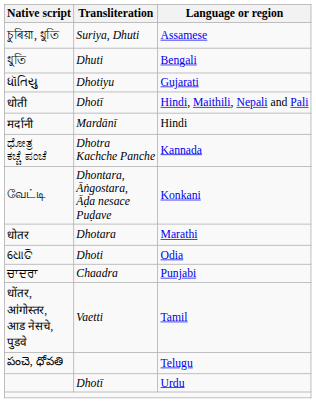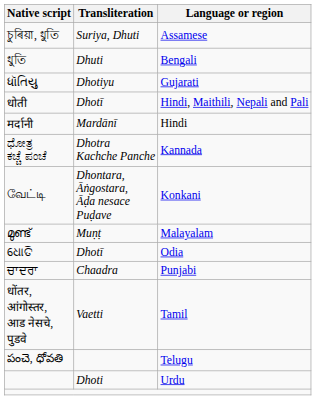 <table class="wikitable">
 <tr>
 <th>Native script</th>
 <th>Transliteration</th>
 <th>Language or region</th>
 </tr>
 <tr>
 <td>চুৰিয়া, ধুতি</td>
 <td><em>Suriya,</em> <em>Dhuti</em></td>
 <td><a href='#'>Assamese</a></td>
 </tr>
 <tr>
 <td>ধুতি</td>
 <td><em>Dhuti</em></td>
 <td><a href='#'>Bengali</a></td>
 </tr>
 <tr>
 <td>ધૉતિયુ</td>
 <td><em>Dhotiyu</em></td>
 <td><a href='#'>Gujarati</a></td>
 </tr>
 <tr>
 <td>धोती</td>
 <td><em>Dhotī</em></td>
 <td><a href='#'>Hindi</a>, <a href='#'>Maithili</a>, <a href='#'>Nepali</a> and <a href='#'>Pali</a></td>
 </tr>
 <tr>
 <td>मर्दानी</td>
 <td><em>Mardānī</em></td>
 <td>Hindi</td>
 </tr>
 <tr>
 <td>ಧೋತ್ರ <br> ಕಚ್ಚೆ ಪಂಚೆ</td>
 <td><em>Dhotra</em><br><em>Kachche Panche</em></td>
 <td><a href='#'>Kannada</a></td>
 </tr>
 <tr>
 <td>வேட்டி</td>
 <td><em>Dhontara,</em><br><em>Āṅgostara,</em><br><em>Āḍa nesace</em><br><em>Puḍave</em></td>
 <td><a href='#'>Konkani</a></td>
 </tr>
 <tr>
-<td>धोतर</td>
-<td><em>Dhotara</em> </td>
-<td><a href='#'>Marathi</a></td>
+<td>മുണ്ട്</td>
+<td><em>Muṇṭ‌</em></td>
+<td><a href='#'>Malayalam</a></td>
 </tr>
 <tr>
 <td>ଧୋତି</td>
-<td><em>Dhoti</em></td>
+<td><em>Dhotī</em></td>
 <td><a href='#'>Odia</a></td>
 </tr>
 <tr>
 <td>ਚਾਦਰਾ</td>
 <td><em>Chaadra</em></td>
 <td><a href='#'>Punjabi</a></td>
 </tr>
 <tr>
 <td>धोंतर,<br>आंगोस्तर,<br>आड नेसचे,<br>पुडवे <br></td>
 <td><em>Vaetti</em></td>
 <td><a href='#'>Tamil</a></td>
 </tr>
 <tr>
 <td>పంచె, ధోవతి</td>
 <td></td>
 <td><a href='#'>Telugu</a></td>
 </tr>
 <tr>
 <td></td>
-<td><em>Dhotī</em></td>
+<td><em>Dhoti</em></td>
 <td><a href='#'>Urdu</a></td>
 </tr>
 <tr>
 <td colspan="3"></td>
 </tr>
 </table>
